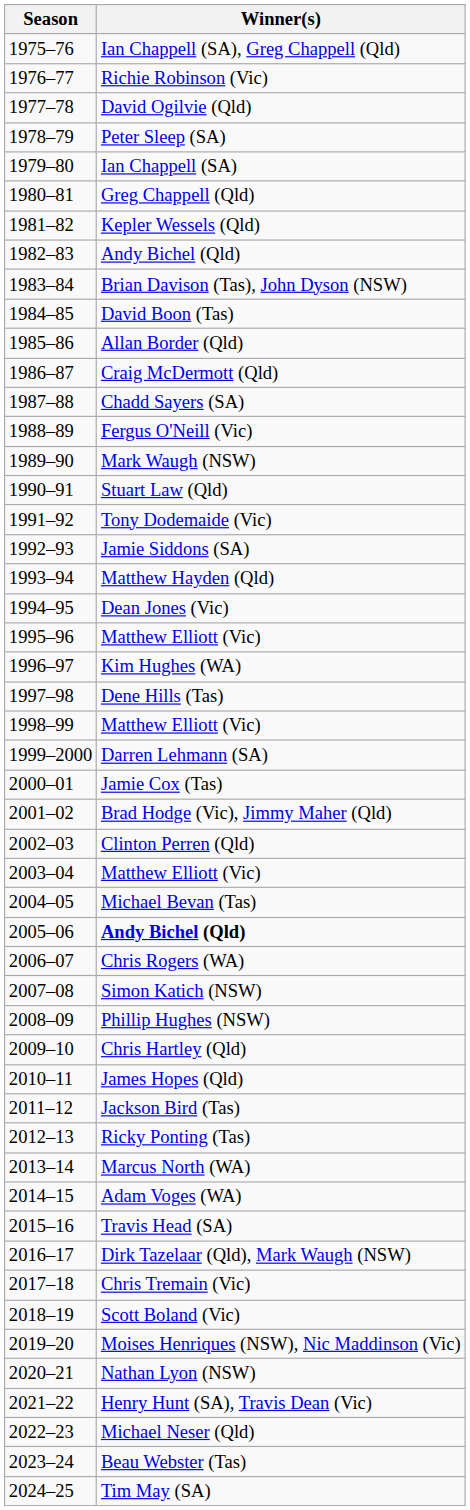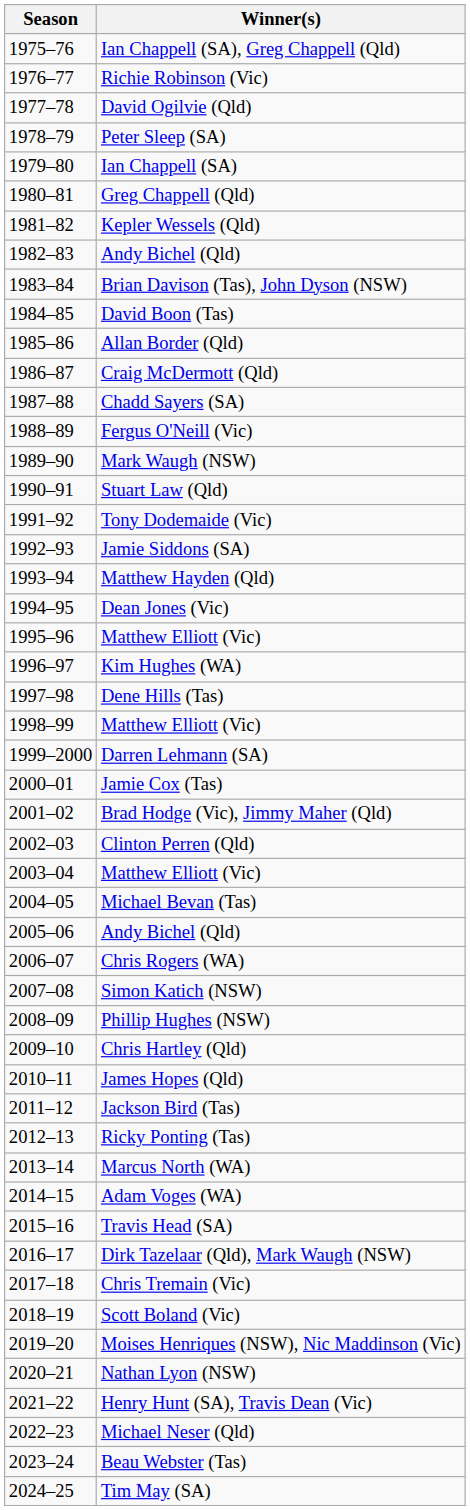 <table class="wikitable">
 <tr>
 <th>Season</th>
 <th>Winner(s)</th>
 </tr>
 <tr>
 <td>1975–76</td>
 <td><a href='#'>Ian Chappell</a> (SA), <a href='#'>Greg Chappell</a> (Qld)</td>
 </tr>
 <tr>
 <td>1976–77</td>
 <td><a href='#'>Richie Robinson</a> (Vic)</td>
 </tr>
 <tr>
 <td>1977–78</td>
 <td><a href='#'>David Ogilvie</a> (Qld)</td>
 </tr>
 <tr>
 <td>1978–79</td>
 <td><a href='#'>Peter Sleep</a> (SA)</td>
 </tr>
 <tr>
 <td>1979–80</td>
 <td><a href='#'>Ian Chappell</a> (SA)</td>
 </tr>
 <tr>
 <td>1980–81</td>
 <td><a href='#'>Greg Chappell</a> (Qld)</td>
 </tr>
 <tr>
 <td>1981–82</td>
 <td><a href='#'>Kepler Wessels</a> (Qld)</td>
 </tr>
 <tr>
 <td>1982–83</td>
 <td><a href='#'>Andy Bichel</a> (Qld)</td>
 </tr>
 <tr>
 <td>1983–84</td>
 <td><a href='#'>Brian Davison</a> (Tas), <a href='#'>John Dyson</a> (NSW)</td>
 </tr>
 <tr>
 <td>1984–85</td>
 <td><a href='#'>David Boon</a> (Tas)</td>
 </tr>
 <tr>
 <td>1985–86</td>
 <td><a href='#'>Allan Border</a> (Qld)</td>
 </tr>
 <tr>
 <td>1986–87</td>
 <td><a href='#'>Craig McDermott</a> (Qld)</td>
 </tr>
 <tr>
 <td>1987–88</td>
 <td><a href='#'>Chadd Sayers</a> (SA)</td>
 </tr>
 <tr>
 <td>1988–89</td>
 <td><a href='#'>Fergus O'Neill</a> (Vic)</td>
 </tr>
 <tr>
 <td>1989–90</td>
 <td><a href='#'>Mark Waugh</a> (NSW)</td>
 </tr>
 <tr>
 <td>1990–91</td>
 <td><a href='#'>Stuart Law</a> (Qld)</td>
 </tr>
 <tr>
 <td>1991–92</td>
 <td><a href='#'>Tony Dodemaide</a> (Vic)</td>
 </tr>
 <tr>
 <td>1992–93</td>
 <td><a href='#'>Jamie Siddons</a> (SA)</td>
 </tr>
 <tr>
 <td>1993–94</td>
 <td><a href='#'>Matthew Hayden</a> (Qld)</td>
 </tr>
 <tr>
 <td>1994–95</td>
 <td><a href='#'>Dean Jones</a> (Vic)</td>
 </tr>
 <tr>
 <td>1995–96</td>
 <td><a href='#'>Matthew Elliott</a> (Vic)</td>
 </tr>
 <tr>
 <td>1996–97</td>
 <td><a href='#'>Kim Hughes</a> (WA)</td>
 </tr>
 <tr>
 <td>1997–98</td>
 <td><a href='#'>Dene Hills</a> (Tas)</td>
 </tr>
 <tr>
 <td>1998–99</td>
 <td><a href='#'>Matthew Elliott</a> (Vic)</td>
 </tr>
 <tr>
 <td>1999–2000</td>
 <td><a href='#'>Darren Lehmann</a> (SA)</td>
 </tr>
 <tr>
 <td>2000–01</td>
 <td><a href='#'>Jamie Cox</a> (Tas)</td>
 </tr>
 <tr>
 <td>2001–02</td>
 <td><a href='#'>Brad Hodge</a> (Vic), <a href='#'>Jimmy Maher</a> (Qld)</td>
 </tr>
 <tr>
 <td>2002–03</td>
 <td><a href='#'>Clinton Perren</a> (Qld)</td>
 </tr>
 <tr>
 <td>2003–04</td>
 <td><a href='#'>Matthew Elliott</a> (Vic)</td>
 </tr>
 <tr>
 <td>2004–05</td>
 <td><a href='#'>Michael Bevan</a> (Tas)</td>
 </tr>
 <tr>
 <td>2005–06</td>
-<td><strong><a href='#'>Andy Bichel</a> (Qld)</strong></td>
+<td><a href='#'>Andy Bichel</a> (Qld)</td>
 </tr>
 <tr>
 <td>2006–07</td>
 <td><a href='#'>Chris Rogers</a> (WA)</td>
 </tr>
 <tr>
 <td>2007–08</td>
 <td><a href='#'>Simon Katich</a> (NSW)</td>
 </tr>
 <tr>
 <td>2008–09</td>
 <td><a href='#'>Phillip Hughes</a> (NSW)</td>
 </tr>
 <tr>
 <td>2009–10</td>
 <td><a href='#'>Chris Hartley</a> (Qld)</td>
 </tr>
 <tr>
 <td>2010–11</td>
 <td><a href='#'>James Hopes</a> (Qld)</td>
 </tr>
 <tr>
 <td>2011–12</td>
 <td><a href='#'>Jackson Bird</a> (Tas)</td>
 </tr>
 <tr>
 <td>2012–13</td>
 <td><a href='#'>Ricky Ponting</a> (Tas)</td>
 </tr>
 <tr>
 <td>2013–14</td>
 <td><a href='#'>Marcus North</a> (WA)</td>
 </tr>
 <tr>
 <td>2014–15</td>
 <td><a href='#'>Adam Voges</a> (WA)</td>
 </tr>
 <tr>
 <td>2015–16</td>
 <td><a href='#'>Travis Head</a> (SA)</td>
 </tr>
 <tr>
 <td>2016–17</td>
 <td><a href='#'>Dirk Tazelaar</a> (Qld), <a href='#'>Mark Waugh</a> (NSW)</td>
 </tr>
 <tr>
 <td>2017–18</td>
 <td><a href='#'>Chris Tremain</a> (Vic)</td>
 </tr>
 <tr>
 <td>2018–19</td>
 <td><a href='#'>Scott Boland</a> (Vic)</td>
 </tr>
 <tr>
 <td>2019–20</td>
 <td><a href='#'>Moises Henriques</a> (NSW), <a href='#'>Nic Maddinson</a> (Vic)</td>
 </tr>
 <tr>
 <td>2020–21</td>
 <td><a href='#'>Nathan Lyon</a> (NSW)</td>
 </tr>
 <tr>
 <td>2021–22</td>
 <td><a href='#'>Henry Hunt</a> (SA), <a href='#'>Travis Dean</a> (Vic)</td>
 </tr>
 <tr>
 <td>2022–23</td>
 <td><a href='#'>Michael Neser</a> (Qld)</td>
 </tr>
 <tr>
 <td>2023–24</td>
 <td><a href='#'>Beau Webster</a> (Tas)</td>
 </tr>
 <tr>
 <td>2024–25</td>
 <td><a href='#'>Tim May</a> (SA)</td>
 </tr>
 </table>
